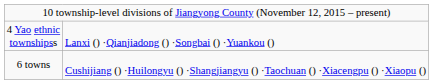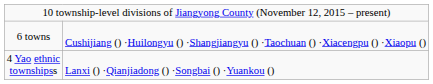 <table class="wikitable">
 <tr>
 <td style="text-align:center;" colspan="2">10 township-level divisions of <a href='#'>Jiangyong County</a> (November 12, 2015 – present)</td>
 </tr>
 <tr align=left>
+<td align=center>6 towns</td>
+<td><br><a href='#'>Cushijiang</a> () ·<a href='#'>Huilongyu</a> () ·<a href='#'>Shangjiangyu</a> () ·<a href='#'>Taochuan</a> () ·<a href='#'>Xiacengpu</a> () ·<a href='#'>Xiaopu</a> ()</td>
+</tr>
+<tr align=left>
 <td align=center>4 <a href='#'>Yao</a> <a href='#'>ethnic <br>townships</a>s</td>
 <td><br><a href='#'>Lanxi</a> () ·<a href='#'>Qianjiadong</a> () ·<a href='#'>Songbai</a> () ·<a href='#'>Yuankou</a> ()</td>
 </tr>
-<tr align=left>
-<td align=center>6 towns</td>
-<td><br><a href='#'>Cushijiang</a> () ·<a href='#'>Huilongyu</a> () ·<a href='#'>Shangjiangyu</a> () ·<a href='#'>Taochuan</a> () ·<a href='#'>Xiacengpu</a> () ·<a href='#'>Xiaopu</a> ()</td>
-</tr>
 </table>
